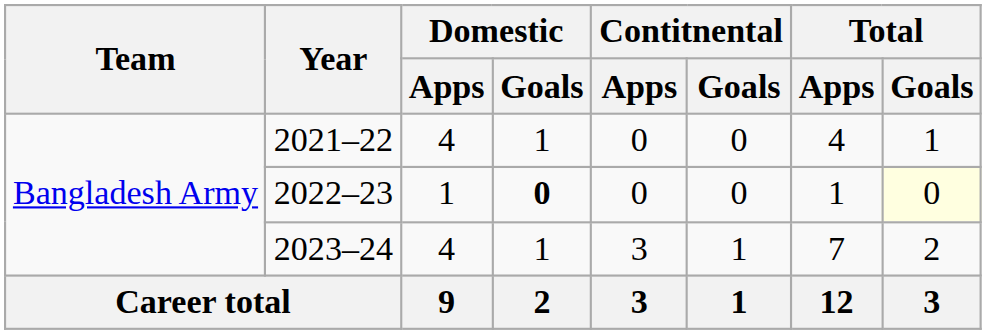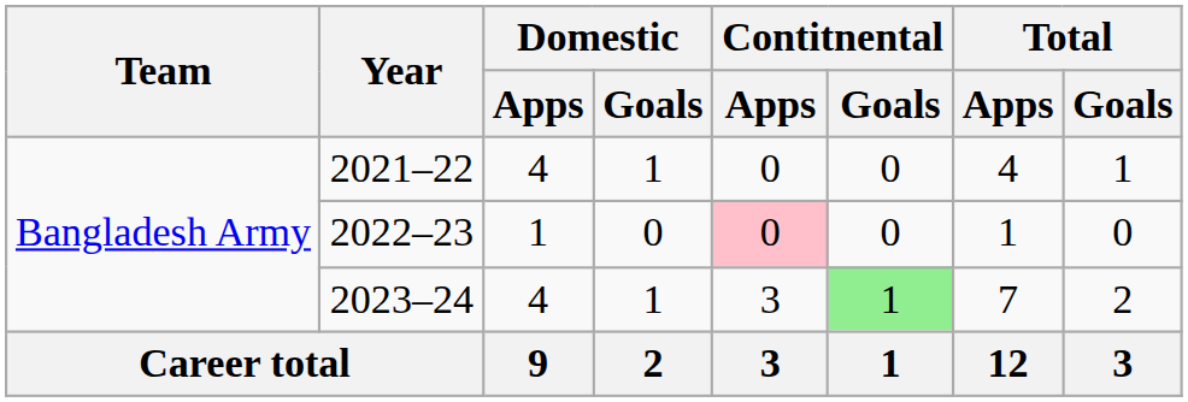 <table class="wikitable" style="text-align:center;">
 <tr>
 <th rowspan=2>Team</th>
 <th rowspan=2>Year</th>
 <th colspan=2>Domestic</th>
 <th colspan=2>Contitnental</th>
 <th colspan=2>Total</th>
 </tr>
 <tr>
 <th>Apps</th>
 <th>Goals</th>
 <th>Apps</th>
 <th>Goals</th>
 <th>Apps</th>
 <th>Goals</th>
 </tr>
 <tr>
 <td rowspan="3"><a href='#'>Bangladesh Army</a></td>
 <td>2021–22</td>
 <td>4</td>
 <td>1</td>
 <td>0</td>
 <td>0</td>
 <td>4</td>
 <td>1</td>
 </tr>
 <tr>
 <td>2022–23</td>
 <td>1</td>
-<td><strong>0</strong></td>
 <td>0</td>
+<td style="background: pink;">0</td>
 <td>0</td>
 <td>1</td>
-<td style="background: lightyellow;">0</td>
+<td>0</td>
 </tr>
 <tr>
 <td>2023–24</td>
 <td>4</td>
 <td>1</td>
 <td>3</td>
-<td>1</td>
+<td style="background: lightgreen;">1</td>
 <td>7</td>
 <td>2</td>
 </tr>
 <tr>
 <th colspan="2">Career total</th>
 <th>9</th>
 <th>2</th>
 <th>3</th>
 <th>1</th>
 <th>12</th>
 <th>3</th>
 </tr>
 </table>
